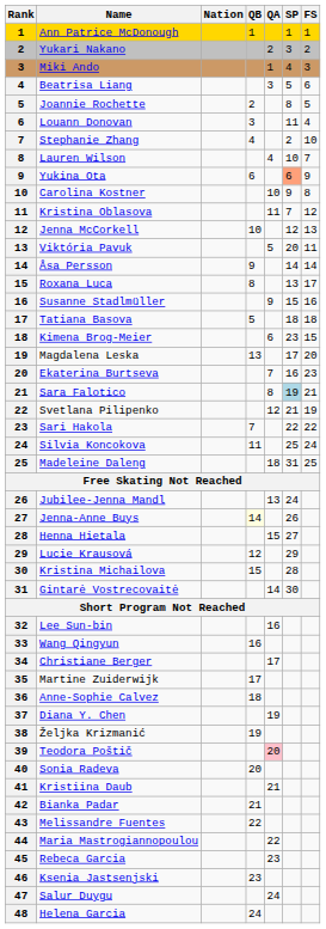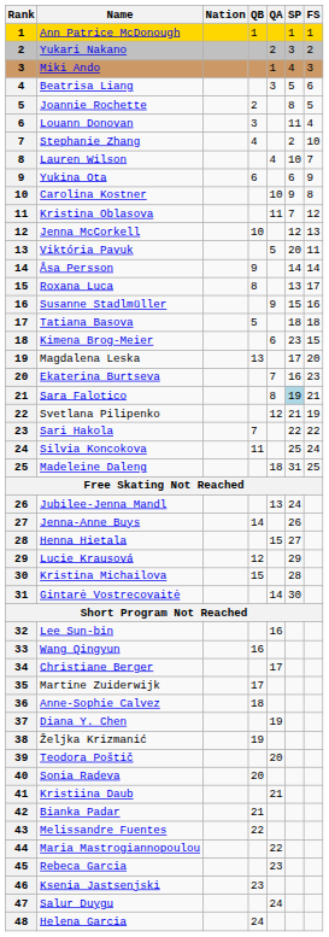 <table class="wikitable">
 <tr>
 <th>Rank</th>
 <th>Name</th>
 <th>Nation</th>
 <th>QB</th>
 <th>QA</th>
 <th>SP</th>
 <th>FS</th>
 </tr>
 <tr bgcolor=gold>
 <td align=center><strong>1</strong></td>
 <td><a href='#'>Ann Patrice McDonough</a></td>
 <td></td>
 <td>1</td>
 <td></td>
 <td>1</td>
 <td>1</td>
 </tr>
 <tr bgcolor=silver>
 <td align=center><strong>2</strong></td>
 <td><a href='#'>Yukari Nakano</a></td>
 <td></td>
 <td></td>
 <td>2</td>
 <td>3</td>
 <td>2</td>
 </tr>
 <tr bgcolor=cc9966>
 <td align=center><strong>3</strong></td>
 <td><a href='#'>Miki Ando</a></td>
 <td></td>
 <td></td>
 <td>1</td>
 <td>4</td>
 <td>3</td>
 </tr>
 <tr>
 <th>4</th>
 <td><a href='#'>Beatrisa Liang</a></td>
 <td></td>
 <td></td>
 <td>3</td>
 <td>5</td>
 <td>6</td>
 </tr>
 <tr>
 <th>5</th>
 <td><a href='#'>Joannie Rochette</a></td>
 <td></td>
 <td>2</td>
 <td></td>
 <td>8</td>
 <td>5</td>
 </tr>
 <tr>
 <th>6</th>
 <td><a href='#'>Louann Donovan</a></td>
 <td></td>
 <td>3</td>
 <td></td>
 <td>11</td>
 <td>4</td>
 </tr>
 <tr>
 <th>7</th>
 <td><a href='#'>Stephanie Zhang</a></td>
 <td></td>
 <td>4</td>
 <td></td>
 <td>2</td>
 <td>10</td>
 </tr>
 <tr>
 <th>8</th>
 <td><a href='#'>Lauren Wilson</a></td>
 <td></td>
 <td></td>
 <td>4</td>
 <td>10</td>
 <td>7</td>
 </tr>
 <tr>
 <th>9</th>
 <td><a href='#'>Yukina Ota</a></td>
 <td></td>
 <td>6</td>
 <td></td>
-<td style="background: lightsalmon;">6</td>
+<td>6</td>
 <td>9</td>
 </tr>
 <tr>
 <th>10</th>
 <td><a href='#'>Carolina Kostner</a></td>
 <td></td>
 <td></td>
 <td>10</td>
 <td>9</td>
 <td>8</td>
 </tr>
 <tr>
 <th>11</th>
 <td><a href='#'>Kristina Oblasova</a></td>
 <td></td>
 <td></td>
 <td>11</td>
 <td>7</td>
 <td>12</td>
 </tr>
 <tr>
 <th>12</th>
 <td><a href='#'>Jenna McCorkell</a></td>
 <td></td>
 <td>10</td>
 <td></td>
 <td>12</td>
 <td>13</td>
 </tr>
 <tr>
 <th>13</th>
 <td><a href='#'>Viktória Pavuk</a></td>
 <td></td>
 <td></td>
 <td>5</td>
 <td>20</td>
 <td>11</td>
 </tr>
 <tr>
 <th>14</th>
 <td><a href='#'>Åsa Persson</a></td>
 <td></td>
 <td>9</td>
 <td></td>
 <td>14</td>
 <td>14</td>
 </tr>
 <tr>
 <th>15</th>
 <td><a href='#'>Roxana Luca</a></td>
 <td></td>
 <td>8</td>
 <td></td>
 <td>13</td>
 <td>17</td>
 </tr>
 <tr>
 <th>16</th>
 <td><a href='#'>Susanne Stadlmüller</a></td>
 <td></td>
 <td></td>
 <td>9</td>
 <td>15</td>
 <td>16</td>
 </tr>
 <tr>
 <th>17</th>
 <td><a href='#'>Tatiana Basova</a></td>
 <td></td>
 <td>5</td>
 <td></td>
 <td>18</td>
 <td>18</td>
 </tr>
 <tr>
 <th>18</th>
 <td><a href='#'>Kimena Brog-Meier</a></td>
 <td></td>
 <td></td>
 <td>6</td>
 <td>23</td>
 <td>15</td>
 </tr>
 <tr>
 <th>19</th>
 <td>Magdalena Leska</td>
 <td></td>
 <td>13</td>
 <td></td>
 <td>17</td>
 <td>20</td>
 </tr>
 <tr>
 <th>20</th>
 <td><a href='#'>Ekaterina Burtseva</a></td>
 <td></td>
 <td></td>
 <td>7</td>
 <td>16</td>
 <td>23</td>
 </tr>
 <tr>
 <th>21</th>
 <td><a href='#'>Sara Falotico</a></td>
 <td></td>
 <td></td>
 <td>8</td>
 <td style="background: lightblue;">19</td>
 <td>21</td>
 </tr>
 <tr>
 <th>22</th>
 <td>Svetlana Pilipenko</td>
 <td></td>
 <td></td>
 <td>12</td>
 <td>21</td>
 <td>19</td>
 </tr>
 <tr>
 <th>23</th>
 <td><a href='#'>Sari Hakola</a></td>
 <td></td>
 <td>7</td>
 <td></td>
 <td>22</td>
 <td>22</td>
 </tr>
 <tr>
 <th>24</th>
 <td><a href='#'>Silvia Koncokova</a></td>
 <td></td>
 <td>11</td>
 <td></td>
 <td>25</td>
 <td>24</td>
 </tr>
 <tr>
 <th>25</th>
 <td><a href='#'>Madeleine Daleng</a></td>
 <td></td>
 <td></td>
 <td>18</td>
 <td>31</td>
 <td>25</td>
 </tr>
 <tr>
 <th colspan=7>Free Skating Not Reached</th>
 </tr>
 <tr>
 <th>26</th>
 <td><a href='#'>Jubilee-Jenna Mandl</a></td>
 <td></td>
 <td></td>
 <td>13</td>
 <td>24</td>
 <td></td>
 </tr>
 <tr>
 <th>27</th>
 <td><a href='#'>Jenna-Anne Buys</a></td>
 <td></td>
-<td style="background: lightyellow;">14</td>
+<td>14</td>
 <td></td>
 <td>26</td>
 <td></td>
 </tr>
 <tr>
 <th>28</th>
 <td><a href='#'>Henna Hietala</a></td>
 <td></td>
 <td></td>
 <td>15</td>
 <td>27</td>
 <td></td>
 </tr>
 <tr>
 <th>29</th>
 <td><a href='#'>Lucie Krausová</a></td>
 <td></td>
 <td>12</td>
 <td></td>
 <td>29</td>
 <td></td>
 </tr>
 <tr>
 <th>30</th>
 <td><a href='#'>Kristina Michailova</a></td>
 <td></td>
 <td>15</td>
 <td></td>
 <td>28</td>
 <td></td>
 </tr>
 <tr>
 <th>31</th>
 <td><a href='#'>Gintarė Vostrecovaitė</a></td>
 <td></td>
 <td></td>
 <td>14</td>
 <td>30</td>
 <td></td>
 </tr>
 <tr>
 <th colspan=7>Short Program Not Reached</th>
 </tr>
 <tr>
 <th>32</th>
 <td><a href='#'>Lee Sun-bin</a></td>
 <td></td>
 <td></td>
 <td>16</td>
 <td></td>
 <td></td>
 </tr>
 <tr>
 <th>33</th>
 <td><a href='#'>Wang Qingyun</a></td>
 <td></td>
 <td>16</td>
 <td></td>
 <td></td>
 <td></td>
 </tr>
 <tr>
 <th>34</th>
 <td><a href='#'>Christiane Berger</a></td>
 <td></td>
 <td></td>
 <td>17</td>
 <td></td>
 <td></td>
 </tr>
 <tr>
 <th>35</th>
 <td>Martine Zuiderwijk</td>
 <td></td>
 <td>17</td>
 <td></td>
 <td></td>
 <td></td>
 </tr>
 <tr>
 <th>36</th>
 <td><a href='#'>Anne-Sophie Calvez</a></td>
 <td></td>
 <td>18</td>
 <td></td>
 <td></td>
 <td></td>
 </tr>
 <tr>
 <th>37</th>
 <td><a href='#'>Diana Y. Chen</a></td>
 <td></td>
 <td></td>
 <td>19</td>
 <td></td>
 <td></td>
 </tr>
 <tr>
 <th>38</th>
 <td>Željka Krizmanić</td>
 <td></td>
 <td>19</td>
 <td></td>
 <td></td>
 <td></td>
 </tr>
 <tr>
 <th>39</th>
 <td><a href='#'>Teodora Poštič</a></td>
 <td></td>
 <td></td>
-<td style="background: pink;">20</td>
+<td>20</td>
 <td></td>
 <td></td>
 </tr>
 <tr>
 <th>40</th>
 <td><a href='#'>Sonia Radeva</a></td>
 <td></td>
 <td>20</td>
 <td></td>
 <td></td>
 <td></td>
 </tr>
 <tr>
 <th>41</th>
 <td><a href='#'>Kristiina Daub</a></td>
 <td></td>
 <td></td>
 <td>21</td>
 <td></td>
 <td></td>
 </tr>
 <tr>
 <th>42</th>
 <td><a href='#'>Bianka Padar</a></td>
 <td></td>
 <td>21</td>
 <td></td>
 <td></td>
 <td></td>
 </tr>
 <tr>
 <th>43</th>
 <td><a href='#'>Melissandre Fuentes</a></td>
 <td></td>
 <td>22</td>
 <td></td>
 <td></td>
 <td></td>
 </tr>
 <tr>
 <th>44</th>
 <td><a href='#'>Maria Mastrogiannopoulou</a></td>
 <td></td>
 <td></td>
 <td>22</td>
 <td></td>
 <td></td>
 </tr>
 <tr>
 <th>45</th>
 <td><a href='#'>Rebeca Garcia</a></td>
 <td></td>
 <td></td>
 <td>23</td>
 <td></td>
 <td></td>
 </tr>
 <tr>
 <th>46</th>
 <td><a href='#'>Ksenia Jastsenjski</a></td>
 <td></td>
 <td>23</td>
 <td></td>
 <td></td>
 <td></td>
 </tr>
 <tr>
 <th>47</th>
 <td><a href='#'>Salur Duygu</a></td>
 <td></td>
 <td></td>
 <td>24</td>
 <td></td>
 <td></td>
 </tr>
 <tr>
 <th>48</th>
 <td><a href='#'>Helena Garcia</a></td>
 <td></td>
 <td>24</td>
 <td></td>
 <td></td>
 <td></td>
 </tr>
 </table>
